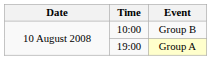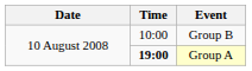 <table class = "wikitable" style="text-align:center;">
 <tr>
 <th width=150>Date</th>
 <th width=50>Time</th>
 <th width=80>Event</th>
 </tr>
 <tr>
 <td rowspan=2>10 August 2008</td>
 <td>10:00</td>
 <td>Group B</td>
 </tr>
 <tr>
-<td>19:00</td>
+<td><strong>19:00</strong></td>
 <td bgcolor=ffffcc>Group A</td>
 </tr>
 </table>
